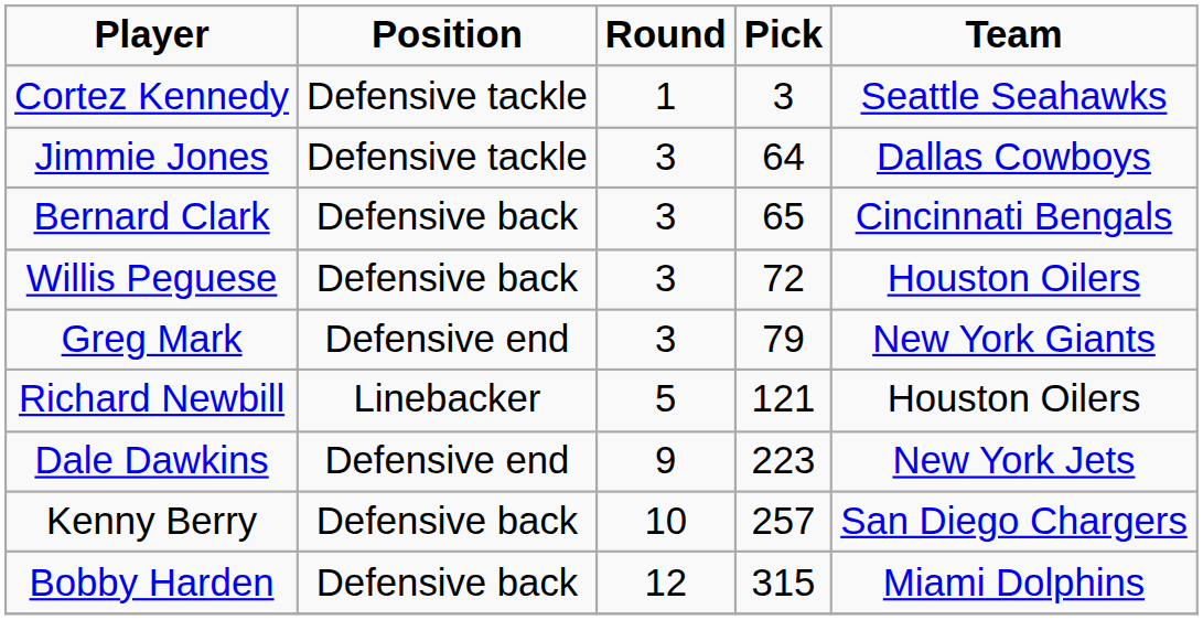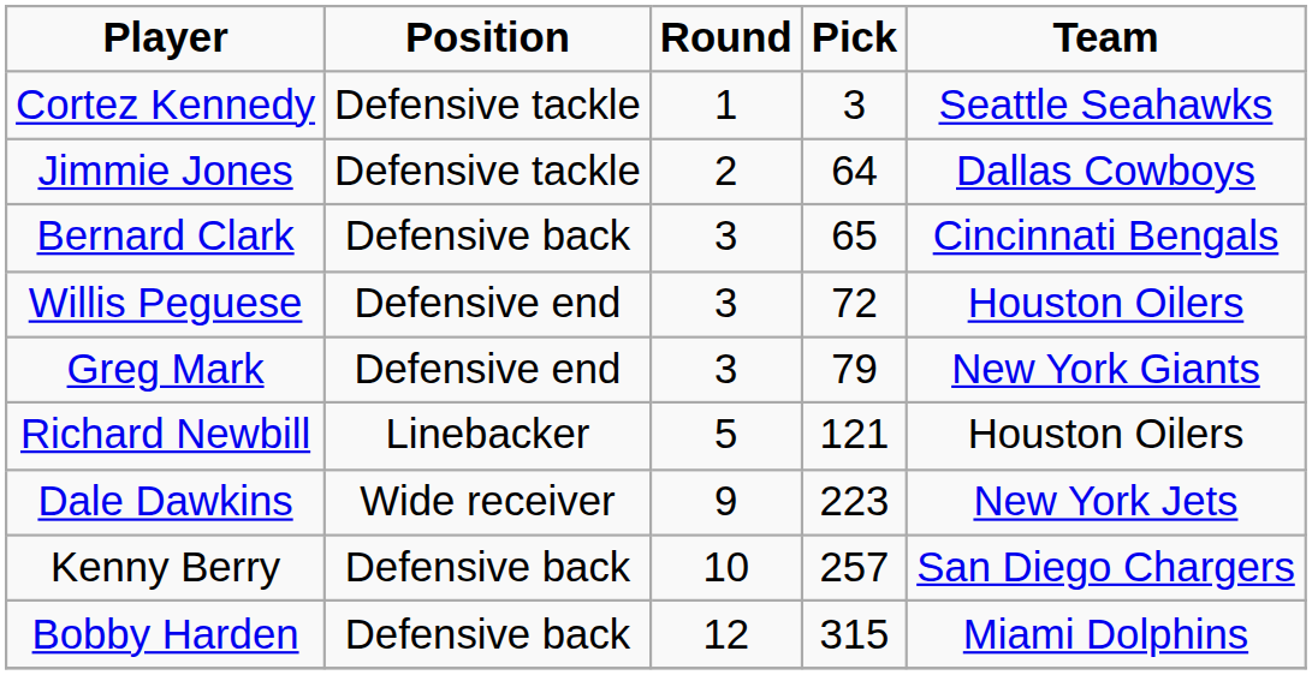 <table class="wikitable">
 <tr style="text-align:center; ">
 <td><strong>Player</strong></td>
 <td><strong>Position</strong></td>
 <td><strong>Round</strong></td>
 <td><strong>Pick</strong></td>
 <td><strong>Team</strong></td>
 </tr>
 <tr align="center" bgcolor="">
 <td><a href='#'>Cortez Kennedy</a></td>
 <td>Defensive tackle</td>
 <td>1</td>
 <td>3</td>
 <td><a href='#'>Seattle Seahawks</a></td>
 </tr>
 <tr align="center" bgcolor="">
 <td><a href='#'>Jimmie Jones</a></td>
 <td>Defensive tackle</td>
-<td>3</td>
+<td>2</td>
 <td>64</td>
 <td><a href='#'>Dallas Cowboys</a></td>
 </tr>
 <tr align="center" bgcolor="">
 <td><a href='#'>Bernard Clark</a></td>
 <td>Defensive back</td>
 <td>3</td>
 <td>65</td>
 <td><a href='#'>Cincinnati Bengals</a></td>
 </tr>
 <tr align="center" bgcolor="">
 <td><a href='#'>Willis Peguese</a></td>
-<td>Defensive back</td>
+<td>Defensive end</td>
 <td>3</td>
 <td>72</td>
 <td><a href='#'>Houston Oilers</a></td>
 </tr>
 <tr align="center" bgcolor="">
 <td><a href='#'>Greg Mark</a></td>
 <td>Defensive end</td>
 <td>3</td>
 <td>79</td>
 <td><a href='#'>New York Giants</a></td>
 </tr>
 <tr align="center" bgcolor="">
 <td><a href='#'>Richard Newbill</a></td>
 <td>Linebacker</td>
 <td>5</td>
 <td>121</td>
 <td>Houston Oilers</td>
 </tr>
 <tr align="center" bgcolor="">
 <td><a href='#'>Dale Dawkins</a></td>
-<td>Defensive end</td>
+<td>Wide receiver</td>
 <td>9</td>
 <td>223</td>
 <td><a href='#'>New York Jets</a></td>
 </tr>
 <tr align="center" bgcolor="">
 <td>Kenny Berry</td>
 <td>Defensive back</td>
 <td>10</td>
 <td>257</td>
 <td><a href='#'>San Diego Chargers</a></td>
 </tr>
 <tr align="center" bgcolor="">
 <td><a href='#'>Bobby Harden</a></td>
 <td>Defensive back</td>
 <td>12</td>
 <td>315</td>
 <td><a href='#'>Miami Dolphins</a></td>
 </tr>
 <tr align="center" bgcolor="">
 </tr>
 </table>
